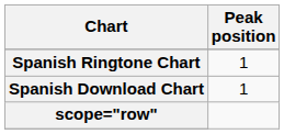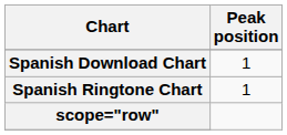 <table class="wikitable sortable plainrowheaders">
 <tr>
 <th scope="col">Chart</th>
 <th scope="col">Peak<br>position</th>
 </tr>
 <tr>
 </tr>
 <tr>
-<th scope="row">Spanish Ringtone Chart</th>
+<th scope="row">Spanish Download Chart</th>
 <td style="text-align:center;">1</td>
 </tr>
 <tr>
-<th scope="row">Spanish Download Chart</th>
+<th scope="row">Spanish Ringtone Chart</th>
 <td style="text-align:center;">1</td>
 </tr>
 <tr>
 <th>scope="row" </th>
 </tr>
 <tr>
 </tr>
 </table>
